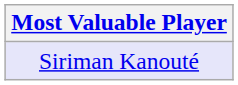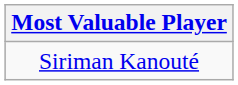 <table class=wikitable style="text-align:center; margin:auto">
 <tr>
 <th><a href='#'>Most Valuable Player</a></th>
 </tr>
 <tr>
-<td style="background: lavender;"> <a href='#'>Siriman Kanouté</a></td>
+<td> <a href='#'>Siriman Kanouté</a></td>
 </tr>
 </table>
